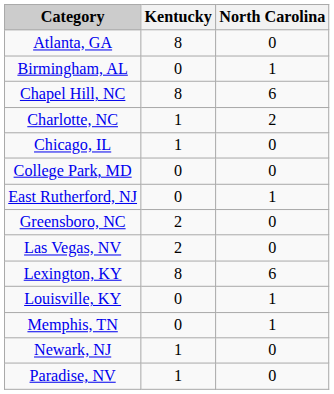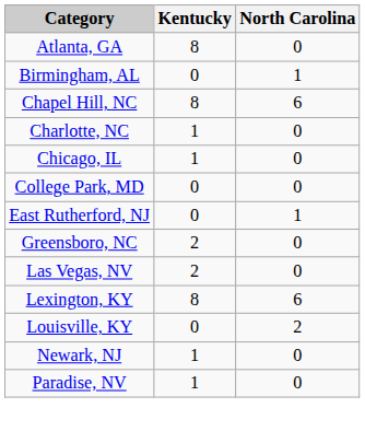 <table class="wikitable">
 <tr>
 <th style="background:#CCCCCC; text-align:center"><strong>Category</strong></th>
 <th><strong>Kentucky</strong></th>
 <th><strong>North Carolina</strong></th>
 </tr>
 <tr>
 <td align=center><a href='#'>Atlanta, GA</a></td>
 <td align=center>8</td>
 <td align=center>0</td>
 </tr>
 <tr>
 <td align=center><a href='#'>Birmingham, AL</a></td>
 <td align=center>0</td>
 <td align=center>1</td>
 </tr>
 <tr>
 <td align=center><a href='#'>Chapel Hill, NC</a></td>
 <td align=center>8</td>
 <td align=center>6</td>
 </tr>
 <tr>
 <td align=center><a href='#'>Charlotte, NC</a></td>
 <td align=center>1</td>
-<td align=center>2</td>
+<td align=center>0</td>
 </tr>
 <tr>
 <td align=center><a href='#'>Chicago, IL</a></td>
 <td align=center>1</td>
 <td align=center>0</td>
 </tr>
 <tr>
 <td align=center><a href='#'>College Park, MD</a></td>
 <td align=center>0</td>
 <td align=center>0</td>
 </tr>
 <tr>
 <td align=center><a href='#'>East Rutherford, NJ</a></td>
 <td align=center>0</td>
 <td align=center>1</td>
 </tr>
 <tr>
 <td align=center><a href='#'>Greensboro, NC</a></td>
 <td align=center>2</td>
 <td align=center>0</td>
 </tr>
 <tr>
 <td align=center><a href='#'>Las Vegas, NV</a></td>
 <td align=center>2</td>
 <td align=center>0</td>
 </tr>
 <tr>
 <td align=center><a href='#'>Lexington, KY</a></td>
 <td align=center>8</td>
 <td align=center>6</td>
 </tr>
 <tr>
 <td align=center><a href='#'>Louisville, KY</a></td>
 <td align=center>0</td>
-<td align=center>1</td>
-</tr>
-<tr>
-<td align=center><a href='#'>Memphis, TN</a></td>
-<td align=center>0</td>
-<td align=center>1</td>
+<td align=center>2</td>
 </tr>
 <tr>
 <td align=center><a href='#'>Newark, NJ</a></td>
 <td align=center>1</td>
 <td align=center>0</td>
 </tr>
 <tr>
 <td align=center><a href='#'>Paradise, NV</a></td>
 <td align=center>1</td>
 <td align=center>0</td>
 </tr>
 </table>
